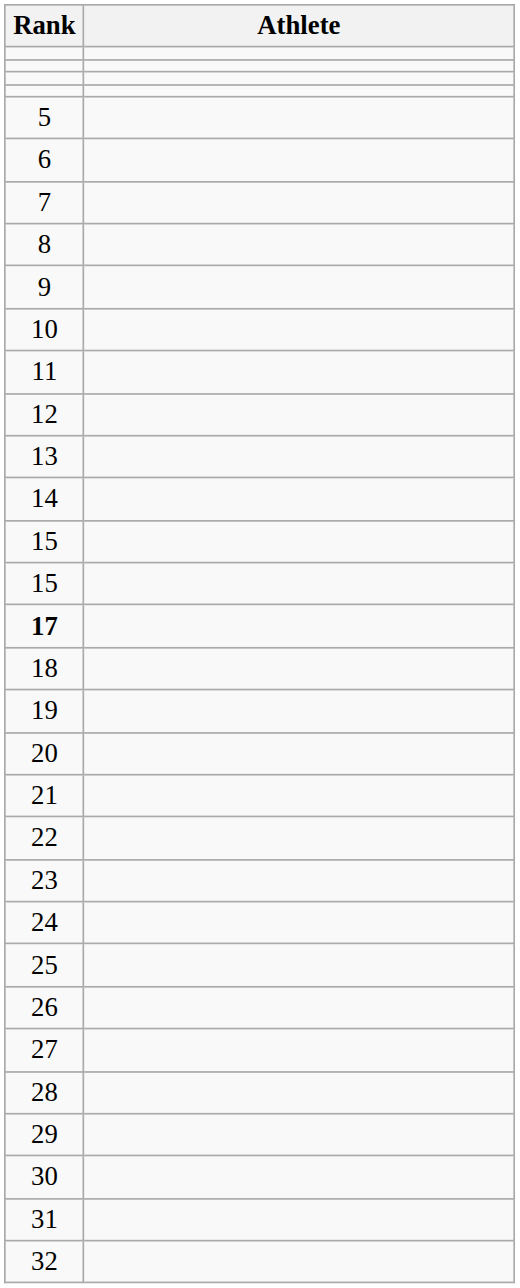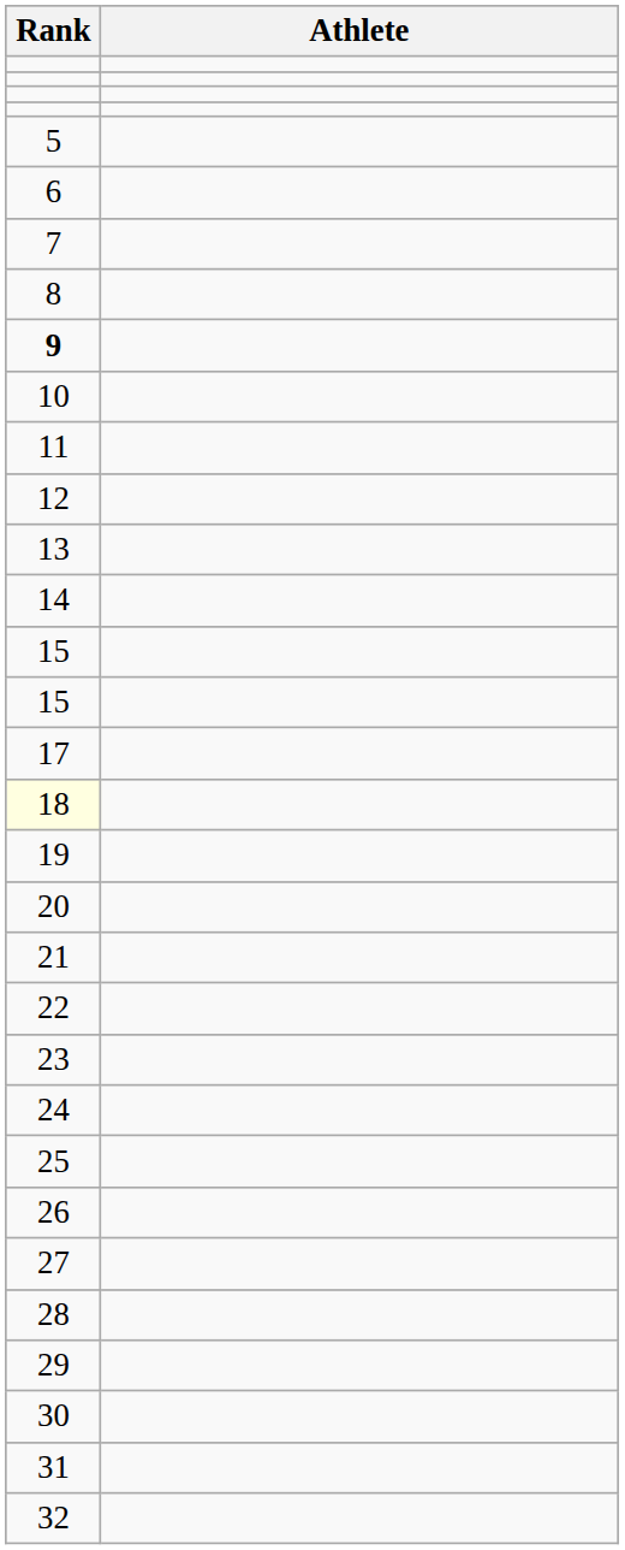 <table class="wikitable" style="text-align: center;">
 <tr>
 <th width=40>Rank</th>
 <th width=250>Athlete</th>
 </tr>
 <tr>
 <td></td>
 <td align=left></td>
 </tr>
 <tr>
 <td></td>
 <td align=left></td>
 </tr>
 <tr>
 <td></td>
 <td align=left></td>
 </tr>
 <tr>
 <td></td>
 <td align=left></td>
 </tr>
 <tr>
 <td>5</td>
 <td align=left></td>
 </tr>
 <tr>
 <td>6</td>
 <td align=left></td>
 </tr>
 <tr>
 <td>7</td>
 <td align=left></td>
 </tr>
 <tr>
 <td>8</td>
 <td align=left></td>
 </tr>
 <tr>
-<td>9</td>
+<td><strong>9</strong></td>
 <td align=left></td>
 </tr>
 <tr>
 <td>10</td>
 <td align=left></td>
 </tr>
 <tr>
 <td>11</td>
 <td align=left></td>
 </tr>
 <tr>
 <td>12</td>
 <td align=left></td>
 </tr>
 <tr>
 <td>13</td>
 <td align=left></td>
 </tr>
 <tr>
 <td>14</td>
 <td align=left></td>
 </tr>
 <tr>
 <td>15</td>
 <td align=left></td>
 </tr>
 <tr>
 <td>15</td>
 <td align=left></td>
 </tr>
 <tr>
-<td><strong>17</strong></td>
+<td>17</td>
 <td align=left></td>
 </tr>
 <tr>
-<td>18</td>
+<td style="background: lightyellow;">18</td>
 <td align=left></td>
 </tr>
 <tr>
 <td>19</td>
 <td align=left></td>
 </tr>
 <tr>
 <td>20</td>
 <td align=left></td>
 </tr>
 <tr>
 <td>21</td>
 <td align=left></td>
 </tr>
 <tr>
 <td>22</td>
 <td align=left></td>
 </tr>
 <tr>
 <td>23</td>
 <td align=left></td>
 </tr>
 <tr>
 <td>24</td>
 <td align=left></td>
 </tr>
 <tr>
 <td>25</td>
 <td align=left></td>
 </tr>
 <tr>
 <td>26</td>
 <td align=left></td>
 </tr>
 <tr>
 <td>27</td>
 <td align=left></td>
 </tr>
 <tr>
 <td>28</td>
 <td align=left></td>
 </tr>
 <tr>
 <td>29</td>
 <td align=left></td>
 </tr>
 <tr>
 <td>30</td>
 <td align=left></td>
 </tr>
 <tr>
 <td>31</td>
 <td align=left></td>
 </tr>
 <tr>
 <td>32</td>
 <td align=left></td>
 </tr>
 </table>
